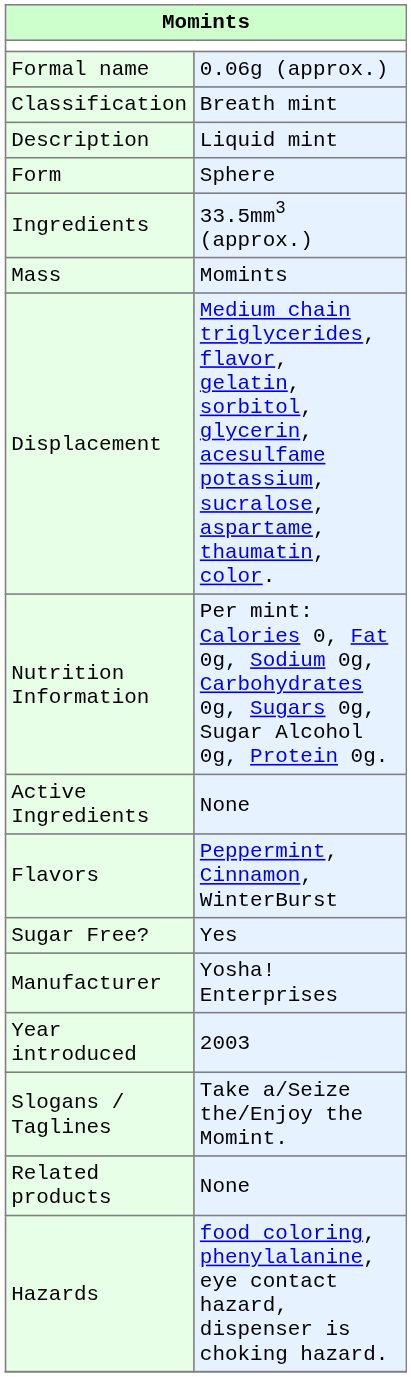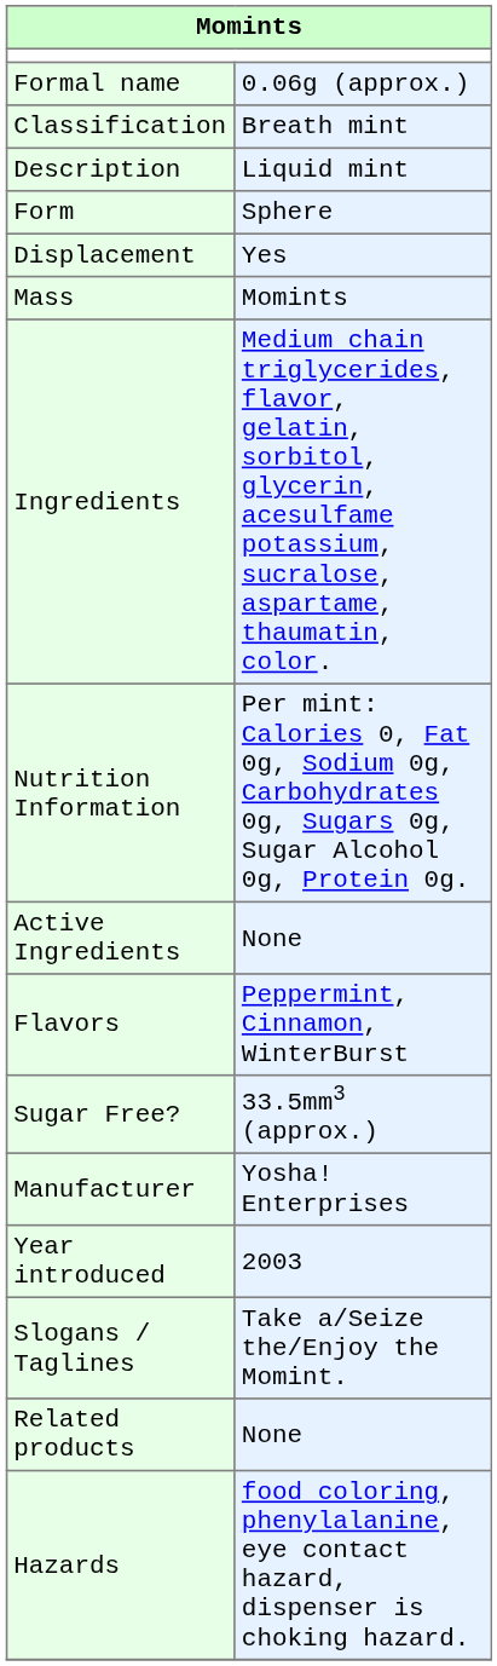 <table border="1" cellpadding="3" cellspacing="0" width="250px" align="right" style="border-collapse: collapse; margin: 0 0 0 0.5em">
 <tr>
 <td bgcolor="#ccffcc" align="center" colspan="2"><strong>Momints</strong></td>
 </tr>
 <tr>
 <td bgcolor="#ffffff" align="center" colspan="2"></td>
 </tr>
 <tr>
 <td bgcolor="#e6ffe6">Formal name</td>
 <td bgcolor="#e6f2ff">0.06g (approx.)</td>
 </tr>
 <tr>
 <td bgcolor="#e6ffe6">Classification</td>
 <td bgcolor="#e6f2ff">Breath mint</td>
 </tr>
 <tr>
 <td bgcolor="#e6ffe6">Description</td>
 <td bgcolor="#e6f2ff">Liquid mint</td>
 </tr>
 <tr>
 <td bgcolor="#e6ffe6">Form</td>
 <td bgcolor="#e6f2ff">Sphere</td>
 </tr>
 <tr>
-<td bgcolor="#e6ffe6">Ingredients</td>
-<td bgcolor="#e6f2ff">33.5mm<sup>3</sup> (approx.)</td>
+<td bgcolor="#e6ffe6">Displacement</td>
+<td bgcolor="#e6f2ff">Yes</td>
 </tr>
 <tr>
 <td bgcolor="#e6ffe6">Mass</td>
 <td bgcolor="#e6f2ff">Momints</td>
 </tr>
 <tr>
-<td bgcolor="#e6ffe6">Displacement</td>
+<td bgcolor="#e6ffe6">Ingredients</td>
 <td bgcolor="#e6f2ff"><a href='#'>Medium chain triglycerides</a>, <a href='#'>flavor</a>, <a href='#'>gelatin</a>, <a href='#'>sorbitol</a>, <a href='#'>glycerin</a>, <a href='#'>acesulfame potassium</a>, <a href='#'>sucralose</a>, <a href='#'>aspartame</a>, <a href='#'>thaumatin</a>, <a href='#'>color</a>.</td>
 </tr>
 <tr>
 <td bgcolor="#e6ffe6">Nutrition Information</td>
 <td bgcolor="#e6f2ff">Per mint: <a href='#'>Calories</a> 0, <a href='#'>Fat</a> 0g, <a href='#'>Sodium</a> 0g, <a href='#'>Carbohydrates</a> 0g, <a href='#'>Sugars</a> 0g, Sugar Alcohol 0g, <a href='#'>Protein</a> 0g.</td>
 </tr>
 <tr>
 <td bgcolor="#e6ffe6">Active Ingredients</td>
 <td bgcolor="#e6f2ff">None</td>
 </tr>
 <tr>
 <td bgcolor="#e6ffe6">Flavors</td>
 <td bgcolor="#e6f2ff"><a href='#'>Peppermint</a>, <a href='#'>Cinnamon</a>, WinterBurst</td>
 </tr>
 <tr>
 <td bgcolor="#e6ffe6">Sugar Free?</td>
-<td bgcolor="#e6f2ff">Yes</td>
+<td bgcolor="#e6f2ff">33.5mm<sup>3</sup> (approx.)</td>
 </tr>
 <tr>
 <td bgcolor="#e6ffe6">Manufacturer</td>
 <td bgcolor="#e6f2ff">Yosha! Enterprises</td>
 </tr>
 <tr>
 <td bgcolor="#e6ffe6">Year introduced</td>
 <td bgcolor="#e6f2ff">2003</td>
 </tr>
 <tr>
 <td bgcolor="#e6ffe6">Slogans / Taglines</td>
 <td bgcolor="#e6f2ff">Take a/Seize the/Enjoy the Momint.</td>
 </tr>
 <tr>
 <td bgcolor="#e6ffe6">Related products</td>
 <td bgcolor="#e6f2ff">None</td>
 </tr>
 <tr>
 <td bgcolor="#e6ffe6">Hazards</td>
 <td bgcolor="#e6f2ff"><a href='#'>food coloring</a>, <a href='#'>phenylalanine</a>, eye contact hazard, dispenser is choking hazard.</td>
 </tr>
 <tr>
 </tr>
 </table>
